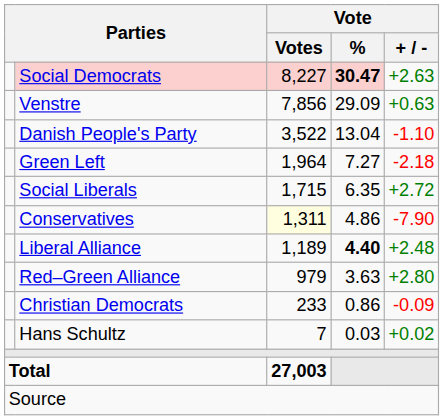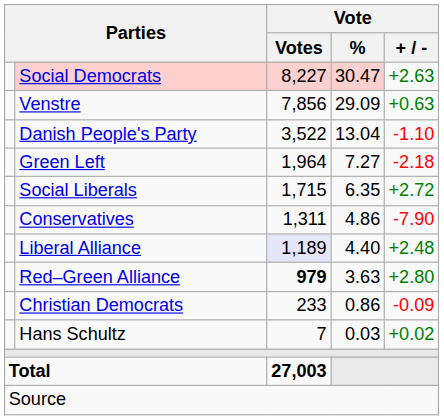 <table class="wikitable" style="text-align:right;">
 <tr>
 <th style="text-align:centre;" rowspan="2" colspan="2" width="225">Parties</th>
 <th colspan="3">Vote</th>
 </tr>
 <tr>
 <th width="15">Votes</th>
 <th width="15">%</th>
 <th width="15">+ / -</th>
 </tr>
 <tr>
 <td width="2" style="color:inherit;background:"></td>
 <td bgcolor=#fbd0ce  align="left"><a href='#'>Social Democrats</a></td>
 <td bgcolor=#fbd0ce>8,227</td>
-<td bgcolor=#fbd0ce><strong>30.47</strong></td>
+<td bgcolor=#fbd0ce>30.47</td>
 <td style=color:green;>+2.63</td>
 </tr>
 <tr>
 <td width="2" style="color:inherit;background:"></td>
 <td align="left"><a href='#'>Venstre</a></td>
 <td>7,856</td>
 <td>29.09</td>
 <td style=color:green;>+0.63</td>
 </tr>
 <tr>
 <td width="2" style="color:inherit;background:"></td>
 <td align="left"><a href='#'>Danish People's Party</a></td>
 <td>3,522</td>
 <td>13.04</td>
 <td style=color:red;>-1.10</td>
 </tr>
 <tr>
 <td width="2" style="color:inherit;background:"></td>
 <td align="left"><a href='#'>Green Left</a></td>
 <td>1,964</td>
 <td>7.27</td>
 <td style=color:red;>-2.18</td>
 </tr>
 <tr>
 <td width="2" style="color:inherit;background:"></td>
 <td align="left"><a href='#'>Social Liberals</a></td>
 <td>1,715</td>
 <td>6.35</td>
 <td style=color:green;>+2.72</td>
 </tr>
 <tr>
 <td width="2" style="color:inherit;background:"></td>
 <td align="left"><a href='#'>Conservatives</a></td>
-<td style="background: lightyellow;">1,311</td>
+<td>1,311</td>
 <td>4.86</td>
 <td style=color:red;>-7.90</td>
 </tr>
 <tr>
 <td width="2" style="color:inherit;background:"></td>
 <td align="left"><a href='#'>Liberal Alliance</a></td>
-<td>1,189</td>
-<td><strong>4.40</strong></td>
+<td style="background: lavender;">1,189</td>
+<td>4.40</td>
 <td style=color:green;>+2.48</td>
 </tr>
 <tr>
 <td width="2" style="color:inherit;background:"></td>
 <td align="left"><a href='#'>Red–Green Alliance</a></td>
-<td>979</td>
+<td><strong>979</strong></td>
 <td>3.63</td>
 <td style=color:green;>+2.80</td>
 </tr>
 <tr>
 <td width="2" style="color:inherit;background:"></td>
 <td align="left"><a href='#'>Christian Democrats</a></td>
 <td>233</td>
 <td>0.86</td>
 <td style=color:red;>-0.09</td>
 </tr>
 <tr>
 <td width="2" style="color:inherit;background:"></td>
 <td align="left">Hans Schultz</td>
 <td>7</td>
 <td>0.03</td>
 <td style=color:green;>+0.02</td>
 </tr>
 <tr>
 <td colspan="7" bgcolor="#E9E9E9"></td>
 </tr>
 <tr>
 <td align="left" colspan="2"><strong>Total</strong></td>
 <td><strong>27,003</strong></td>
 <td bgcolor="#E9E9E9" colspan="2"></td>
 </tr>
 <tr>
 <td align="left" colspan="6">Source</td>
 </tr>
 </table>
